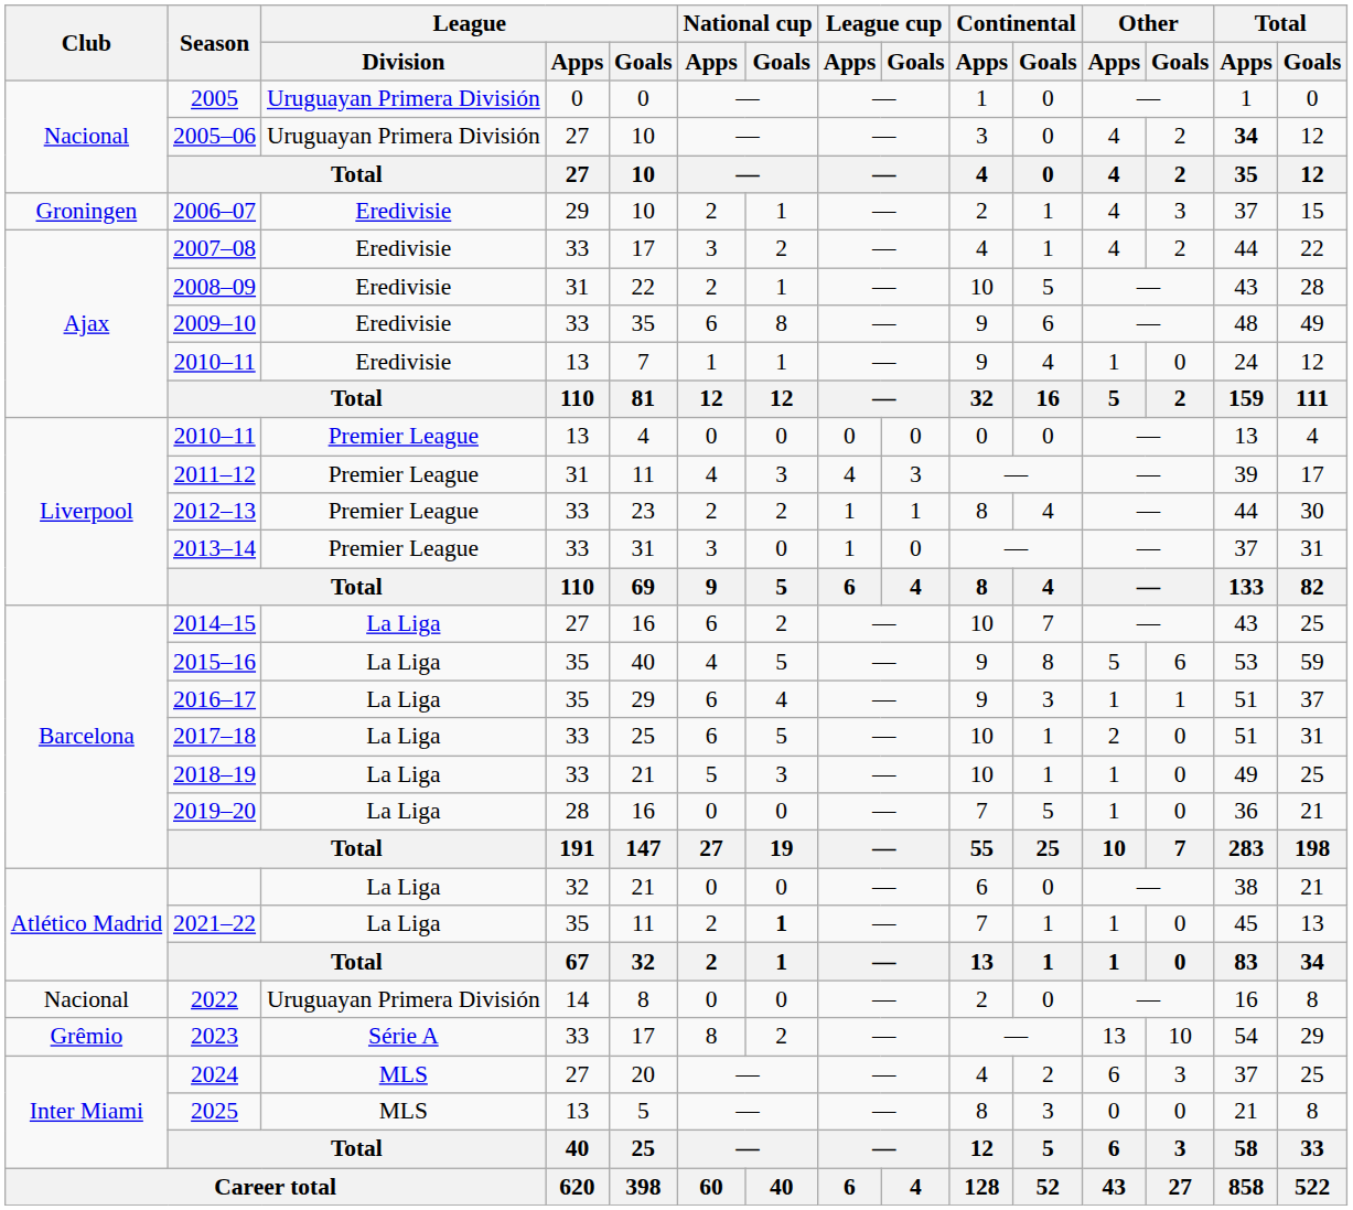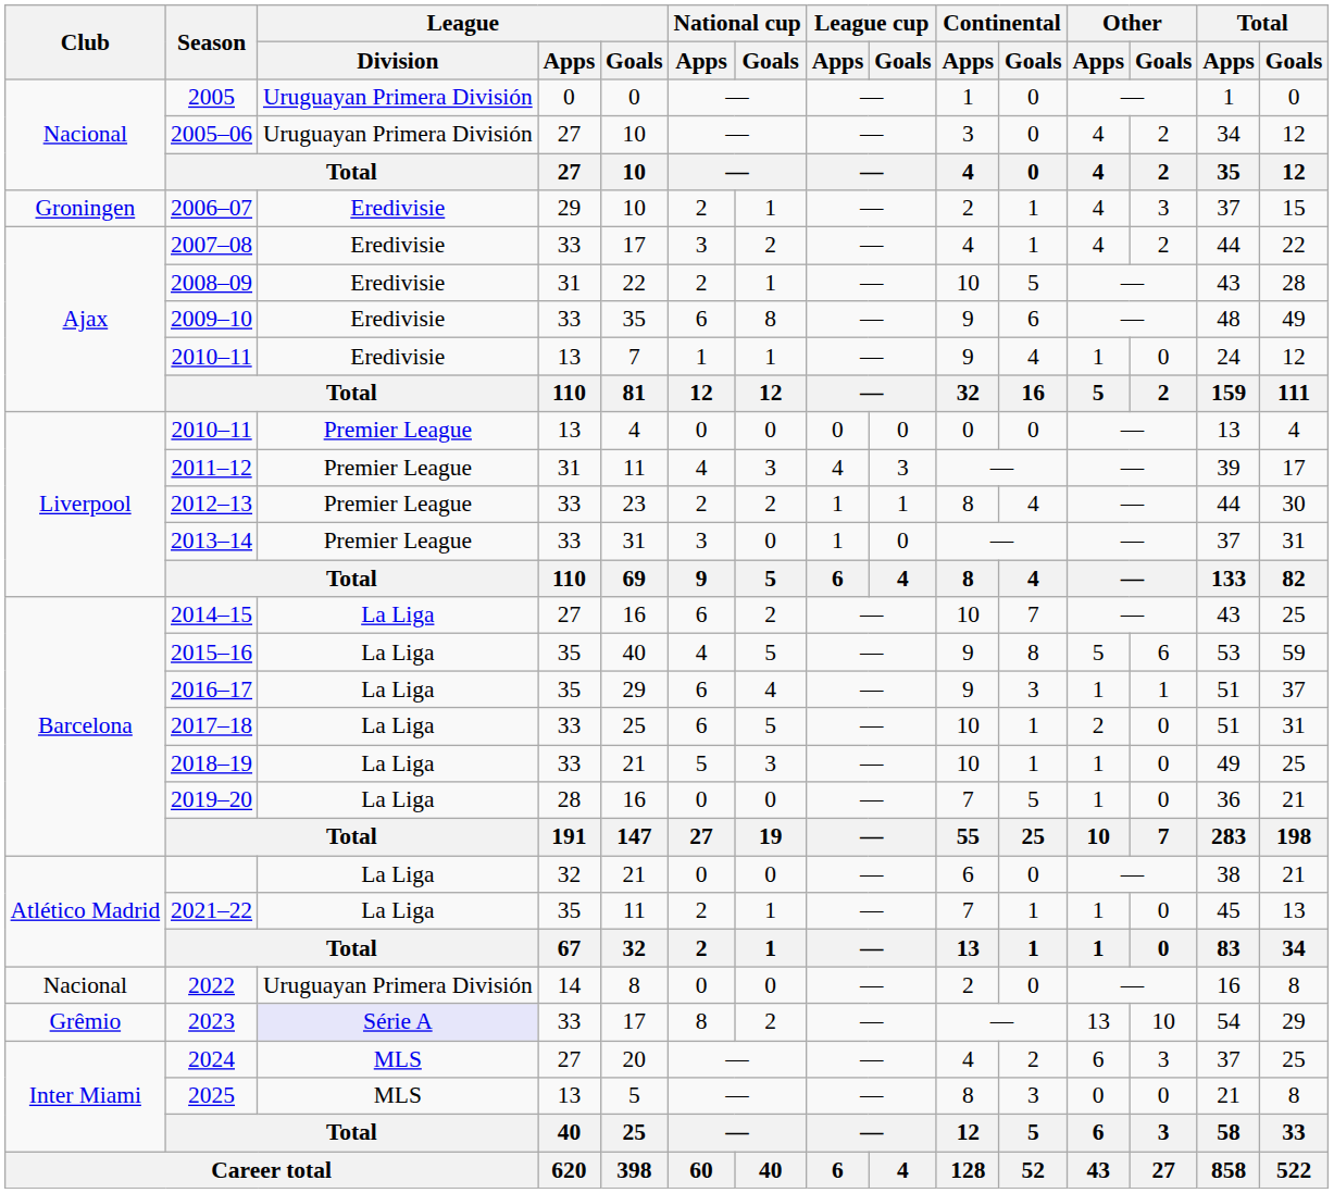 <table class="wikitable nowrap" style="text-align:center">
 <tr>
 <th rowspan=2>Club</th>
 <th rowspan=2>Season</th>
 <th colspan=3>League</th>
 <th colspan=2>National cup</th>
 <th colspan=2>League cup</th>
 <th colspan=2>Continental</th>
 <th colspan=2>Other</th>
 <th colspan=2>Total</th>
 </tr>
 <tr>
 <th>Division</th>
 <th>Apps</th>
 <th>Goals</th>
 <th>Apps</th>
 <th>Goals</th>
 <th>Apps</th>
 <th>Goals</th>
 <th>Apps</th>
 <th>Goals</th>
 <th>Apps</th>
 <th>Goals</th>
 <th>Apps</th>
 <th>Goals</th>
 </tr>
 <tr>
 <td rowspan=3><a href='#'>Nacional</a></td>
 <td><a href='#'>2005</a></td>
 <td><a href='#'>Uruguayan Primera División</a></td>
 <td>0</td>
 <td>0</td>
 <td colspan=2>—</td>
 <td colspan=2>—</td>
 <td>1</td>
 <td>0</td>
 <td colspan=2>—</td>
 <td>1</td>
 <td>0</td>
 </tr>
 <tr>
 <td><a href='#'>2005–06</a></td>
 <td>Uruguayan Primera División</td>
 <td>27</td>
 <td>10</td>
 <td colspan=2>—</td>
 <td colspan=2>—</td>
 <td>3</td>
 <td>0</td>
 <td>4</td>
 <td>2</td>
-<td><strong>34</strong></td>
+<td>34</td>
 <td>12</td>
 </tr>
 <tr>
 <th colspan=2>Total</th>
 <th>27</th>
 <th>10</th>
 <th colspan=2>—</th>
 <th colspan=2>—</th>
 <th>4</th>
 <th>0</th>
 <th>4</th>
 <th>2</th>
 <th>35</th>
 <th>12</th>
 </tr>
 <tr>
 <td><a href='#'>Groningen</a></td>
 <td><a href='#'>2006–07</a></td>
 <td><a href='#'>Eredivisie</a></td>
 <td>29</td>
 <td>10</td>
 <td>2</td>
 <td>1</td>
 <td colspan=2>—</td>
 <td>2</td>
 <td>1</td>
 <td>4</td>
 <td>3</td>
 <td>37</td>
 <td>15</td>
 </tr>
 <tr>
 <td rowspan=5><a href='#'>Ajax</a></td>
 <td><a href='#'>2007–08</a></td>
 <td>Eredivisie</td>
 <td>33</td>
 <td>17</td>
 <td>3</td>
 <td>2</td>
 <td colspan=2>—</td>
 <td>4</td>
 <td>1</td>
 <td>4</td>
 <td>2</td>
 <td>44</td>
 <td>22</td>
 </tr>
 <tr>
 <td><a href='#'>2008–09</a></td>
 <td>Eredivisie</td>
 <td>31</td>
 <td>22</td>
 <td>2</td>
 <td>1</td>
 <td colspan=2>—</td>
 <td>10</td>
 <td>5</td>
 <td colspan=2>—</td>
 <td>43</td>
 <td>28</td>
 </tr>
 <tr>
 <td><a href='#'>2009–10</a></td>
 <td>Eredivisie</td>
 <td>33</td>
 <td>35</td>
 <td>6</td>
 <td>8</td>
 <td colspan=2>—</td>
 <td>9</td>
 <td>6</td>
 <td colspan=2>—</td>
 <td>48</td>
 <td>49</td>
 </tr>
 <tr>
 <td><a href='#'>2010–11</a></td>
 <td>Eredivisie</td>
 <td>13</td>
 <td>7</td>
 <td>1</td>
 <td>1</td>
 <td colspan=2>—</td>
 <td>9</td>
 <td>4</td>
 <td>1</td>
 <td>0</td>
 <td>24</td>
 <td>12</td>
 </tr>
 <tr>
 <th colspan=2>Total</th>
 <th>110</th>
 <th>81</th>
 <th>12</th>
 <th>12</th>
 <th colspan=2>—</th>
 <th>32</th>
 <th>16</th>
 <th>5</th>
 <th>2</th>
 <th>159</th>
 <th>111</th>
 </tr>
 <tr>
 <td rowspan=5><a href='#'>Liverpool</a></td>
 <td><a href='#'>2010–11</a></td>
 <td><a href='#'>Premier League</a></td>
 <td>13</td>
 <td>4</td>
 <td>0</td>
 <td>0</td>
 <td>0</td>
 <td>0</td>
 <td>0</td>
 <td>0</td>
 <td colspan=2>—</td>
 <td>13</td>
 <td>4</td>
 </tr>
 <tr>
 <td><a href='#'>2011–12</a></td>
 <td>Premier League</td>
 <td>31</td>
 <td>11</td>
 <td>4</td>
 <td>3</td>
 <td>4</td>
 <td>3</td>
 <td colspan=2>—</td>
 <td colspan=2>—</td>
 <td>39</td>
 <td>17</td>
 </tr>
 <tr>
 <td><a href='#'>2012–13</a></td>
 <td>Premier League</td>
 <td>33</td>
 <td>23</td>
 <td>2</td>
 <td>2</td>
 <td>1</td>
 <td>1</td>
 <td>8</td>
 <td>4</td>
 <td colspan=2>—</td>
 <td>44</td>
 <td>30</td>
 </tr>
 <tr>
 <td><a href='#'>2013–14</a></td>
 <td>Premier League</td>
 <td>33</td>
 <td>31</td>
 <td>3</td>
 <td>0</td>
 <td>1</td>
 <td>0</td>
 <td colspan=2>—</td>
 <td colspan=2>—</td>
 <td>37</td>
 <td>31</td>
 </tr>
 <tr>
 <th colspan=2>Total</th>
 <th>110</th>
 <th>69</th>
 <th>9</th>
 <th>5</th>
 <th>6</th>
 <th>4</th>
 <th>8</th>
 <th>4</th>
 <th colspan=2>—</th>
 <th>133</th>
 <th>82</th>
 </tr>
 <tr>
 <td rowspan=7><a href='#'>Barcelona</a></td>
 <td><a href='#'>2014–15</a></td>
 <td><a href='#'>La Liga</a></td>
 <td>27</td>
 <td>16</td>
 <td>6</td>
 <td>2</td>
 <td colspan=2>—</td>
 <td>10</td>
 <td>7</td>
 <td colspan=2>—</td>
 <td>43</td>
 <td>25</td>
 </tr>
 <tr>
 <td><a href='#'>2015–16</a></td>
 <td>La Liga</td>
 <td>35</td>
 <td>40</td>
 <td>4</td>
 <td>5</td>
 <td colspan=2>—</td>
 <td>9</td>
 <td>8</td>
 <td>5</td>
 <td>6</td>
 <td>53</td>
 <td>59</td>
 </tr>
 <tr>
 <td><a href='#'>2016–17</a></td>
 <td>La Liga</td>
 <td>35</td>
 <td>29</td>
 <td>6</td>
 <td>4</td>
 <td colspan=2>—</td>
 <td>9</td>
 <td>3</td>
 <td>1</td>
 <td>1</td>
 <td>51</td>
 <td>37</td>
 </tr>
 <tr>
 <td><a href='#'>2017–18</a></td>
 <td>La Liga</td>
 <td>33</td>
 <td>25</td>
 <td>6</td>
 <td>5</td>
 <td colspan=2>—</td>
 <td>10</td>
 <td>1</td>
 <td>2</td>
 <td>0</td>
 <td>51</td>
 <td>31</td>
 </tr>
 <tr>
 <td><a href='#'>2018–19</a></td>
 <td>La Liga</td>
 <td>33</td>
 <td>21</td>
 <td>5</td>
 <td>3</td>
 <td colspan=2>—</td>
 <td>10</td>
 <td>1</td>
 <td>1</td>
 <td>0</td>
 <td>49</td>
 <td>25</td>
 </tr>
 <tr>
 <td><a href='#'>2019–20</a></td>
 <td>La Liga</td>
 <td>28</td>
 <td>16</td>
 <td>0</td>
 <td>0</td>
 <td colspan=2>—</td>
 <td>7</td>
 <td>5</td>
 <td>1</td>
 <td>0</td>
 <td>36</td>
 <td>21</td>
 </tr>
 <tr>
 <th colspan=2>Total</th>
 <th>191</th>
 <th>147</th>
 <th>27</th>
 <th>19</th>
 <th colspan=2>—</th>
 <th>55</th>
 <th>25</th>
 <th>10</th>
 <th>7</th>
 <th>283</th>
 <th>198</th>
 </tr>
 <tr>
 <td rowspan=3><a href='#'>Atlético Madrid</a></td>
 <td></td>
 <td>La Liga</td>
 <td>32</td>
 <td>21</td>
 <td>0</td>
 <td>0</td>
 <td colspan=2>—</td>
 <td>6</td>
 <td>0</td>
 <td colspan=2>—</td>
 <td>38</td>
 <td>21</td>
 </tr>
 <tr>
 <td><a href='#'>2021–22</a></td>
 <td>La Liga</td>
 <td>35</td>
 <td>11</td>
 <td>2</td>
-<td><strong>1</strong></td>
+<td>1</td>
 <td colspan=2>—</td>
 <td>7</td>
 <td>1</td>
 <td>1</td>
 <td>0</td>
 <td>45</td>
 <td>13</td>
 </tr>
 <tr>
 <th colspan=2>Total</th>
 <th>67</th>
 <th>32</th>
 <th>2</th>
 <th>1</th>
 <th colspan=2>—</th>
 <th>13</th>
 <th>1</th>
 <th>1</th>
 <th>0</th>
 <th>83</th>
 <th>34</th>
 </tr>
 <tr>
 <td>Nacional</td>
 <td><a href='#'>2022</a></td>
 <td>Uruguayan Primera División</td>
 <td>14</td>
 <td>8</td>
 <td>0</td>
 <td>0</td>
 <td colspan=2>—</td>
 <td>2</td>
 <td>0</td>
 <td colspan=2>—</td>
 <td>16</td>
 <td>8</td>
 </tr>
 <tr>
 <td><a href='#'>Grêmio</a></td>
 <td><a href='#'>2023</a></td>
-<td><a href='#'>Série A</a></td>
+<td style="background: lavender;"><a href='#'>Série A</a></td>
 <td>33</td>
 <td>17</td>
 <td>8</td>
 <td>2</td>
 <td colspan=2>—</td>
 <td colspan=2>—</td>
 <td>13</td>
 <td>10</td>
 <td>54</td>
 <td>29</td>
 </tr>
 <tr>
 <td rowspan=3><a href='#'>Inter Miami</a></td>
 <td><a href='#'>2024</a></td>
 <td><a href='#'>MLS</a></td>
 <td>27</td>
 <td>20</td>
 <td colspan=2>—</td>
 <td colspan=2>—</td>
 <td>4</td>
 <td>2</td>
 <td>6</td>
 <td>3</td>
 <td>37</td>
 <td>25</td>
 </tr>
 <tr>
 <td><a href='#'>2025</a></td>
 <td>MLS</td>
 <td>13</td>
 <td>5</td>
 <td colspan=2>—</td>
 <td colspan=2>—</td>
 <td>8</td>
 <td>3</td>
 <td>0</td>
 <td>0</td>
 <td>21</td>
 <td>8</td>
 </tr>
 <tr>
 <th colspan=2>Total</th>
 <th>40</th>
 <th>25</th>
 <th colspan=2>—</th>
 <th colspan=2>—</th>
 <th>12</th>
 <th>5</th>
 <th>6</th>
 <th>3</th>
 <th>58</th>
 <th>33</th>
 </tr>
 <tr>
 <th colspan=3>Career total</th>
 <th>620</th>
 <th>398</th>
 <th>60</th>
 <th>40</th>
 <th>6</th>
 <th>4</th>
 <th>128</th>
 <th>52</th>
 <th>43</th>
 <th>27</th>
 <th>858</th>
 <th>522</th>
 </tr>
 </table>
